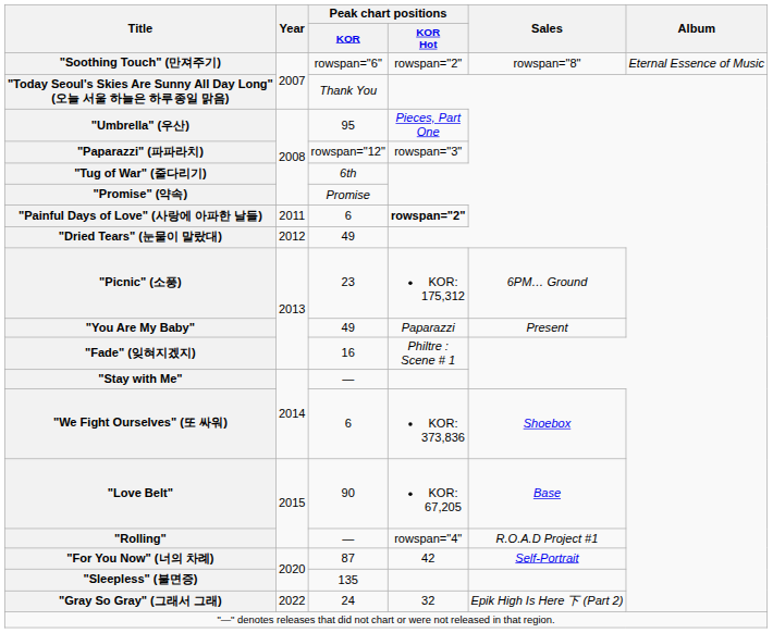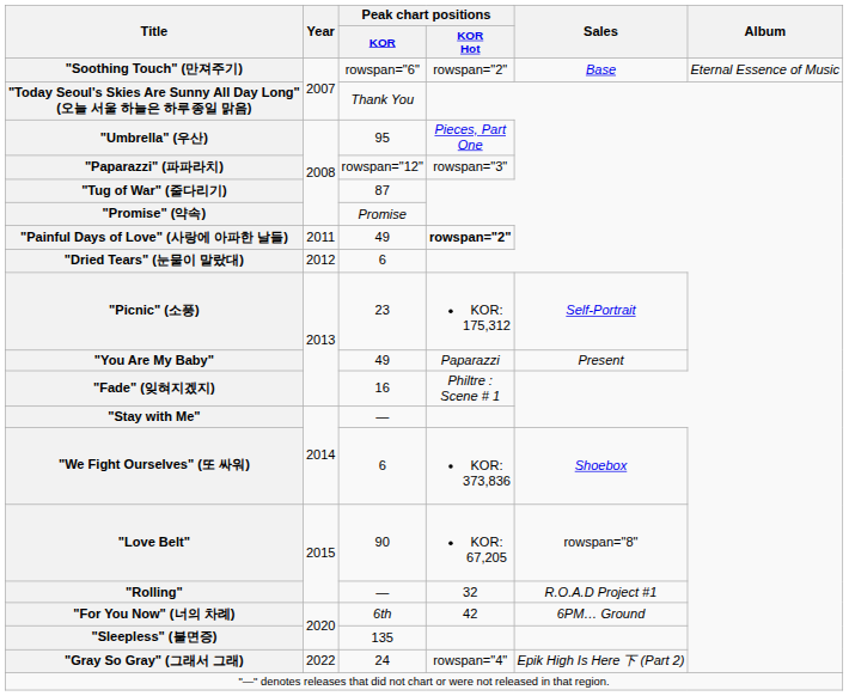 <table class="wikitable plainrowheaders" style="text-align:center;">
 <tr>
 <th scope="col" rowspan="2">Title</th>
 <th scope="col" rowspan="2">Year</th>
 <th scope="col" colspan="2">Peak chart positions</th>
 <th scope="col" rowspan="2">Sales</th>
 <th scope="col" rowspan="2">Album</th>
 </tr>
 <tr>
 <th scope="col" style="width:3em;font-size:90%;"><a href='#'>KOR</a><br></th>
 <th scope="col" style="width:3em;font-size:90%;"><a href='#'>KOR<br>Hot</a><br></th>
 </tr>
 <tr>
 <th scope="row">"Soothing Touch" (만져주기)<br></th>
 <td rowspan="2">2007</td>
 <td>rowspan="6" </td>
 <td>rowspan="2" </td>
-<td>rowspan="8" </td>
+<td><em><a href='#'>Base</a></em></td>
 <td><em>Eternal Essence of Music</em></td>
 </tr>
 <tr>
 <th scope="row">"Today Seoul's Skies Are Sunny All Day Long" <br> (오늘 서울 하늘은 하루종일 맑음) </th>
 <td><em>Thank You</em></td>
 </tr>
 <tr>
 <th scope="row">"Umbrella" (우산)<br></th>
 <td rowspan="4">2008</td>
 <td>95</td>
 <td><em><a href='#'>Pieces, Part One</a></em></td>
 </tr>
 <tr>
 <th scope="row">"Paparazzi" (파파라치)<br></th>
 <td>rowspan="12" </td>
 <td>rowspan="3" </td>
 </tr>
 <tr>
 <th scope="row">"Tug of War" (줄다리기)<br></th>
-<td><em>6th</em></td>
+<td>87</td>
 </tr>
 <tr>
 <th scope="row">"Promise" (약속)<br></th>
 <td><em>Promise</em></td>
 </tr>
 <tr>
 <th scope="row">"Painful Days of Love" (사랑에 아파한 날들)<br></th>
 <td>2011</td>
-<td>6</td>
+<td>49</td>
 <td><strong>rowspan="2" </strong></td>
 </tr>
 <tr>
 <th scope="row">"Dried Tears" (눈물이 말랐대)<br></th>
 <td>2012</td>
-<td>49</td>
+<td>6</td>
 </tr>
 <tr>
 <th scope="row">"Picnic" (소풍)<br></th>
 <td rowspan="3">2013</td>
 <td>23</td>
 <td><br><ul><li>KOR: 175,312</li></ul></td>
-<td><em>6PM… Ground</em></td>
+<td><em><a href='#'>Self-Portrait</a></em></td>
 </tr>
 <tr>
 <th scope="row">"You Are My Baby"<br></th>
 <td>49</td>
 <td><em>Paparazzi</em></td>
 <td><em>Present</em></td>
 </tr>
 <tr>
 <th scope="row">"Fade" (잊혀지겠지)<br></th>
 <td>16</td>
 <td><em>Philtre : Scene # 1</em></td>
 </tr>
 <tr>
 <th scope="row">"Stay with Me"<br></th>
 <td rowspan="2">2014</td>
 <td>—</td>
 <td></td>
 </tr>
 <tr>
 <th scope="row">"We Fight Ourselves" (또 싸워)<br></th>
 <td>6</td>
 <td><br><ul><li>KOR: 373,836</li></ul></td>
 <td><em><a href='#'>Shoebox</a></em></td>
 </tr>
 <tr>
 <th scope="row">"Love Belt"<br></th>
 <td rowspan="2">2015</td>
 <td>90</td>
 <td><br><ul><li>KOR: 67,205</li></ul></td>
-<td><em><a href='#'>Base</a></em></td>
+<td>rowspan="8" </td>
 </tr>
 <tr>
 <th scope="row">"Rolling"<br></th>
 <td>—</td>
-<td>rowspan="4" </td>
+<td>32</td>
 <td><em>R.O.A.D Project #1</em></td>
 </tr>
 <tr>
 <th scope="row">"For You Now" (너의 차례)<br></th>
 <td rowspan="2">2020</td>
-<td>87</td>
+<td><em>6th</em></td>
 <td>42</td>
-<td><em><a href='#'>Self-Portrait</a></em></td>
+<td><em>6PM… Ground</em></td>
 </tr>
 <tr>
 <th scope="row">"Sleepless" (불면증) <br></th>
 <td>135</td>
 <td></td>
 <td></td>
 </tr>
 <tr>
 <th scope="row">"Gray So Gray" (그래서 그래)<br></th>
 <td>2022</td>
 <td>24</td>
-<td>32</td>
+<td>rowspan="4" </td>
 <td><em>Epik High Is Here 下 (Part 2)</em></td>
 </tr>
 <tr>
 <td colspan="6" style="text-align:center; font-size:85%;">"—" denotes releases that did not chart or were not released in that region.</td>
 </tr>
 </table>
